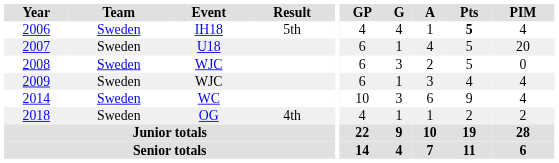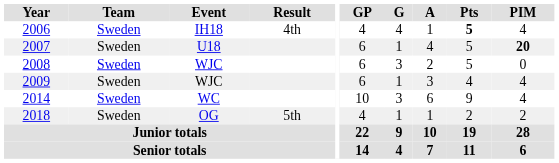 <table border="0" cellpadding="1" cellspacing="0" ID="Table3" style="text-align:center; width:40em">
 <tr ALIGN="center" bgcolor="#e0e0e0">
 <th>Year</th>
 <th>Team</th>
 <th>Event</th>
 <th>Result</th>
 <th rowspan="99" bgcolor="#ffffff"></th>
 <th>GP</th>
 <th>G</th>
 <th>A</th>
 <th>Pts</th>
 <th>PIM</th>
 </tr>
 <tr>
 <td><a href='#'>2006</a></td>
 <td><a href='#'>Sweden</a></td>
 <td><a href='#'>IH18</a></td>
-<td>5th</td>
+<td>4th</td>
 <td>4</td>
 <td>4</td>
 <td>1</td>
 <td><strong>5</strong></td>
 <td>4</td>
 </tr>
 <tr bgcolor="#f0f0f0">
 <td><a href='#'>2007</a></td>
 <td>Sweden</td>
 <td><a href='#'>U18</a></td>
 <td></td>
 <td>6</td>
 <td>1</td>
 <td>4</td>
 <td>5</td>
-<td>20</td>
+<td><strong>20</strong></td>
 </tr>
 <tr>
 <td><a href='#'>2008</a></td>
 <td><a href='#'>Sweden</a></td>
 <td><a href='#'>WJC</a></td>
 <td></td>
 <td>6</td>
 <td>3</td>
 <td>2</td>
 <td>5</td>
 <td>0</td>
 </tr>
 <tr bgcolor="#f0f0f0">
 <td><a href='#'>2009</a></td>
 <td>Sweden</td>
 <td>WJC</td>
 <td></td>
 <td>6</td>
 <td>1</td>
 <td>3</td>
 <td>4</td>
 <td>4</td>
 </tr>
 <tr>
 <td><a href='#'>2014</a></td>
 <td><a href='#'>Sweden</a></td>
 <td><a href='#'>WC</a></td>
 <td></td>
 <td>10</td>
 <td>3</td>
 <td>6</td>
 <td>9</td>
 <td>4</td>
 </tr>
 <tr bgcolor="#f0f0f0">
 <td><a href='#'>2018</a></td>
 <td>Sweden</td>
 <td><a href='#'>OG</a></td>
-<td>4th</td>
+<td>5th</td>
 <td>4</td>
 <td>1</td>
 <td>1</td>
 <td>2</td>
 <td>2</td>
 </tr>
 <tr bgcolor="#e0e0e0">
 <th colspan="4">Junior totals</th>
 <th>22</th>
 <th>9</th>
 <th>10</th>
 <th>19</th>
 <th>28</th>
 </tr>
 <tr bgcolor="#e0e0e0">
 <th colspan="4">Senior totals</th>
 <th>14</th>
 <th>4</th>
 <th>7</th>
 <th>11</th>
 <th>6</th>
 </tr>
 </table>
